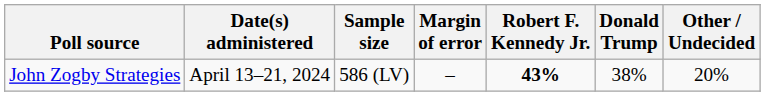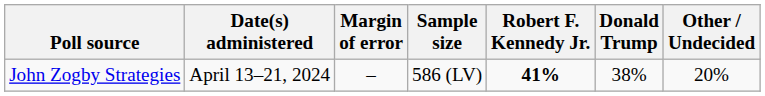 <table class="wikitable sortable mw-datatable" style="font-size:90%;text-align:center;line-height:17px">
 <tr valign=bottom>
 <th>Poll source</th>
 <th>Date(s)<br>administered</th>
+<th>Margin<br>of error</th>
 <th>Sample<br>size</th>
-<th>Margin<br>of error</th>
 <th class="unsortable">Robert F.<br>Kennedy Jr.<br></th>
 <th class="unsortable">Donald<br>Trump<br></th>
 <th class="unsortable">Other /<br>Undecided</th>
 </tr>
 <tr>
 <td style="text-align:left;"><a href='#'>John Zogby Strategies</a></td>
 <td data-sort-value="2024-05-01">April 13–21, 2024</td>
+<td>–</td>
 <td>586 (LV)</td>
-<td>–</td>
-<td style="background-color:"><strong>43%</strong></td>
+<td style="background-color:"><strong>41%</strong></td>
 <td>38%</td>
 <td>20%</td>
 </tr>
 </table>
